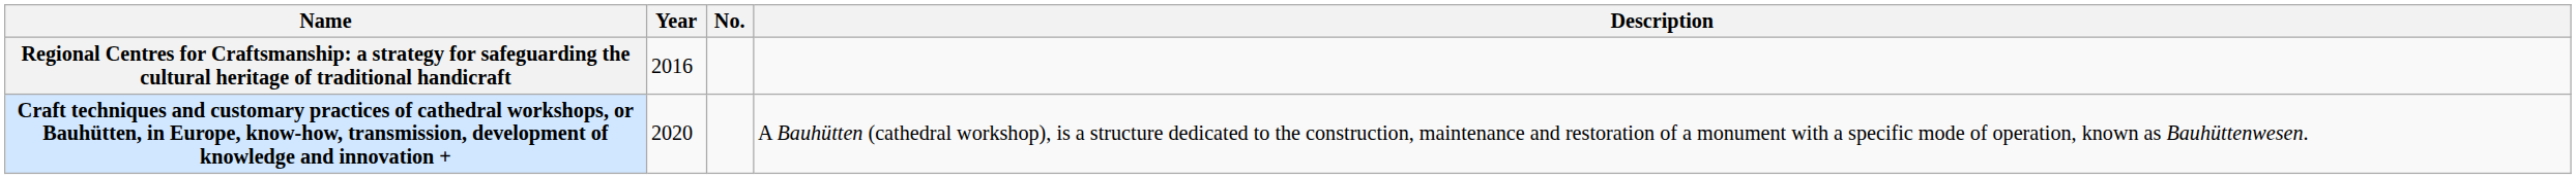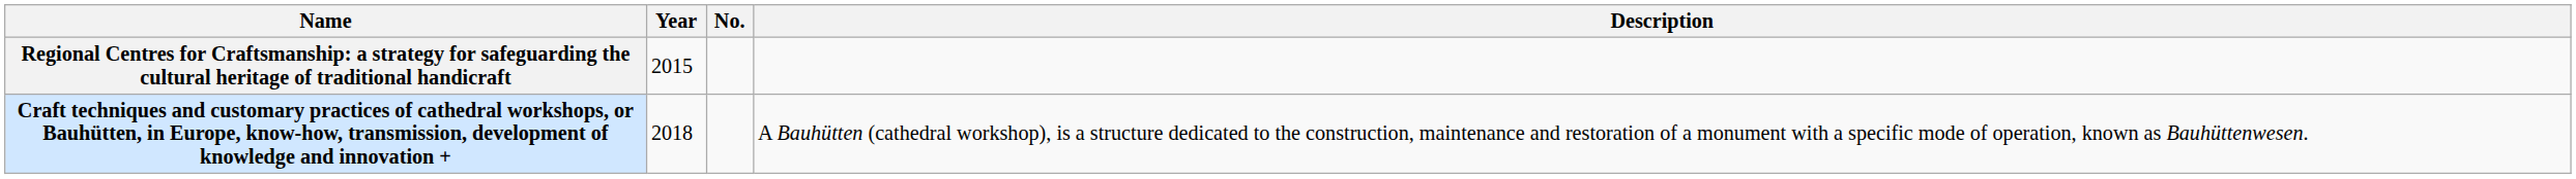 <table class="wikitable sortable plainrowheaders">
 <tr>
 <th style="width:25%">Name</th>
 <th>Year</th>
 <th>No.</th>
 <th class="unsortable">Description</th>
 </tr>
 <tr>
 <th scope="row">Regional Centres for Craftsmanship: a strategy for safeguarding the cultural heritage of traditional handicraft</th>
-<td>2016</td>
+<td>2015</td>
 <td></td>
 <td></td>
 </tr>
 <tr>
 <th scope="row" style="background:#D0E7FF;">Craft techniques and customary practices of cathedral workshops, or Bauhütten, in Europe, know-how, transmission, development of knowledge and innovation +</th>
-<td>2020</td>
+<td>2018</td>
 <td></td>
 <td>A <em>Bauhütten</em> (cathedral workshop), is a structure dedicated to the construction, maintenance and restoration of a monument with a specific mode of operation, known as <em>Bauhüttenwesen</em>.</td>
 </tr>
 </table>
